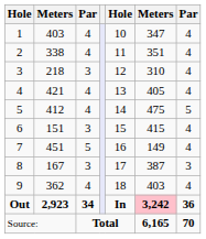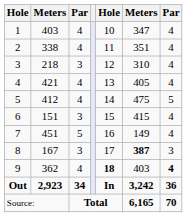 <table class="wikitable" style="text-align:center; font-size:100%;">
 <tr>
 <th>Hole</th>
 <th>Meters</th>
 <th>Par</th>
 <th></th>
 <th>Hole</th>
 <th>Meters</th>
 <th>Par</th>
 </tr>
 <tr>
 <td>1</td>
 <td>403</td>
 <td>4</td>
 <td rowspan="10" style="background:#E6E8FA;"></td>
 <td>10</td>
 <td>347</td>
 <td>4</td>
 </tr>
 <tr>
 <td>2</td>
 <td>338</td>
 <td>4</td>
 <td>11</td>
 <td>351</td>
 <td>4</td>
 </tr>
 <tr>
 <td>3</td>
 <td>218</td>
 <td>3</td>
 <td>12</td>
 <td>310</td>
 <td>4</td>
 </tr>
 <tr>
 <td>4</td>
 <td>421</td>
 <td>4</td>
 <td>13</td>
 <td>405</td>
 <td>4</td>
 </tr>
 <tr>
 <td>5</td>
 <td>412</td>
 <td>4</td>
 <td>14</td>
 <td>475</td>
 <td>5</td>
 </tr>
 <tr>
 <td>6</td>
 <td>151</td>
 <td>3</td>
 <td>15</td>
 <td>415</td>
 <td>4</td>
 </tr>
 <tr>
 <td>7</td>
 <td>451</td>
 <td>5</td>
 <td>16</td>
 <td>149</td>
 <td>4</td>
 </tr>
 <tr>
 <td>8</td>
 <td>167</td>
 <td>3</td>
 <td>17</td>
-<td>387</td>
+<td><strong>387</strong></td>
 <td>3</td>
 </tr>
 <tr>
 <td>9</td>
 <td>362</td>
 <td>4</td>
-<td>18</td>
+<td><strong>18</strong></td>
 <td>403</td>
-<td>4</td>
+<td><strong>4</strong></td>
 </tr>
 <tr>
 <td><strong>Out</strong></td>
 <td><strong>2,923</strong></td>
 <td><strong>34</strong></td>
 <td><strong>In</strong></td>
-<td style="background: pink;"><strong>3,242</strong></td>
+<td><strong>3,242</strong></td>
 <td><strong>36</strong></td>
 </tr>
 <tr>
 <td colspan="2" align="left"><small>Source:</small></td>
 <td colspan="3"><strong>Total</strong></td>
 <td><strong>6,165</strong></td>
 <td><strong>70</strong></td>
 </tr>
 </table>
